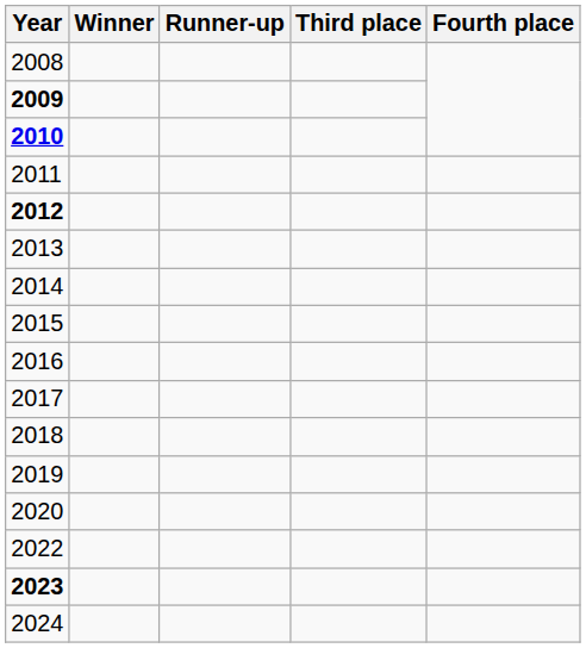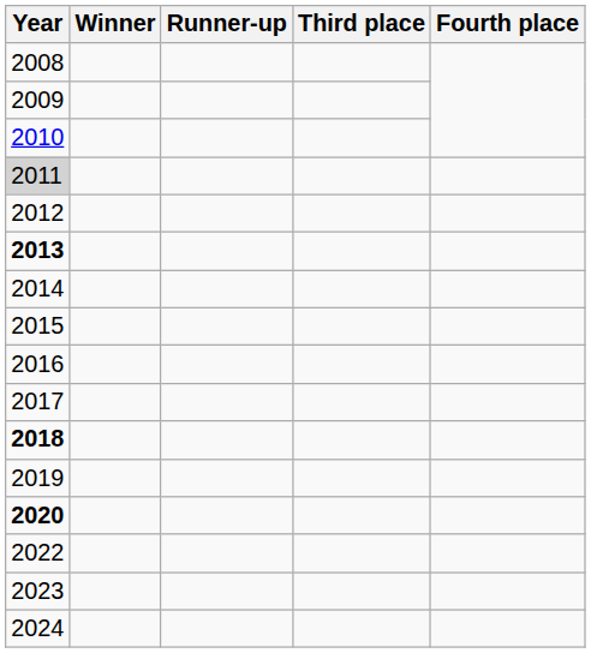 <table class="wikitable">
 <tr>
 <th>Year</th>
 <th>Winner</th>
 <th>Runner-up</th>
 <th>Third place</th>
 <th>Fourth place</th>
 </tr>
 <tr align=left>
 <td>2008</td>
 <td></td>
 <td></td>
 <td></td>
 <td rowspan=3></td>
 </tr>
 <tr align=left>
-<td><strong>2009</strong></td>
+<td>2009</td>
 <td></td>
 <td></td>
 <td></td>
 </tr>
 <tr align=left>
-<td><strong><a href='#'>2010</a></strong></td>
+<td><a href='#'>2010</a></td>
 <td></td>
 <td></td>
 <td></td>
 </tr>
 <tr align=left>
-<td>2011</td>
+<td style="background: lightgrey;">2011</td>
 <td></td>
 <td></td>
 <td></td>
 <td></td>
 </tr>
 <tr align=left>
-<td><strong>2012</strong></td>
+<td>2012</td>
 <td></td>
 <td></td>
 <td></td>
 <td></td>
 </tr>
 <tr align=left>
-<td>2013</td>
+<td><strong>2013</strong></td>
 <td></td>
 <td></td>
 <td></td>
 <td></td>
 </tr>
 <tr align=left>
 <td>2014</td>
 <td></td>
 <td></td>
 <td></td>
 <td></td>
 </tr>
 <tr align=left>
 <td>2015</td>
 <td></td>
 <td></td>
 <td></td>
 <td></td>
 </tr>
 <tr align=left>
 <td>2016</td>
 <td></td>
 <td></td>
 <td></td>
 <td></td>
 </tr>
 <tr align=left>
 <td>2017</td>
 <td></td>
 <td></td>
 <td></td>
 <td></td>
 </tr>
 <tr align=left>
-<td>2018</td>
+<td><strong>2018</strong></td>
 <td></td>
 <td></td>
 <td></td>
 <td></td>
 </tr>
 <tr align=left>
 <td>2019</td>
 <td></td>
 <td></td>
 <td></td>
 <td></td>
 </tr>
 <tr>
-<td>2020</td>
+<td><strong>2020</strong></td>
 <td></td>
 <td></td>
 <td></td>
 <td></td>
 </tr>
 <tr>
 <td>2022</td>
 <td></td>
 <td></td>
 <td></td>
 <td></td>
 </tr>
 <tr align=left>
-<td><strong>2023</strong></td>
+<td>2023</td>
 <td></td>
 <td></td>
 <td></td>
 <td></td>
 </tr>
 <tr>
 <td>2024</td>
 <td></td>
 <td></td>
 <td></td>
 <td></td>
 </tr>
 </table>
